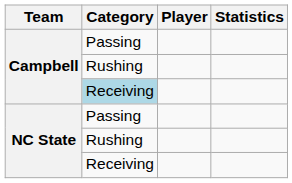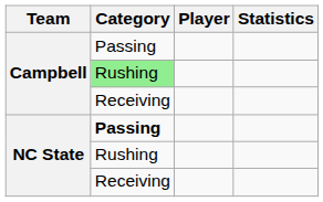 <table class="wikitable" style="float:right">
 <tr>
 <th>Team</th>
 <th>Category</th>
 <th>Player</th>
 <th>Statistics</th>
 </tr>
 <tr>
 <th rowspan=3>Campbell</th>
 <td>Passing</td>
 <td></td>
 <td></td>
 </tr>
 <tr>
-<td>Rushing</td>
+<td style="background: lightgreen;">Rushing</td>
 <td></td>
 <td></td>
 </tr>
 <tr>
-<td style="background: lightblue;">Receiving</td>
+<td>Receiving</td>
 <td></td>
 <td></td>
 </tr>
 <tr>
 <th rowspan=3>NC State</th>
-<td>Passing</td>
+<td><strong>Passing</strong></td>
 <td></td>
 <td></td>
 </tr>
 <tr>
 <td>Rushing</td>
 <td></td>
 <td></td>
 </tr>
 <tr>
 <td>Receiving</td>
 <td></td>
 <td></td>
 </tr>
 </table>
